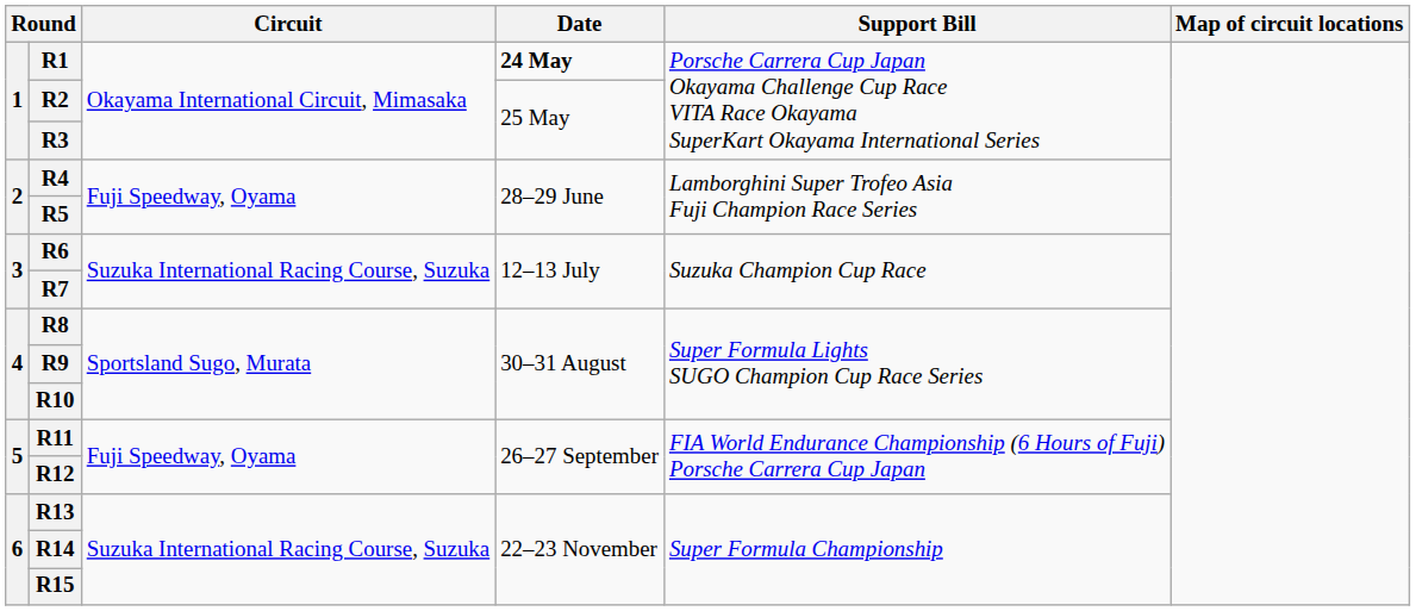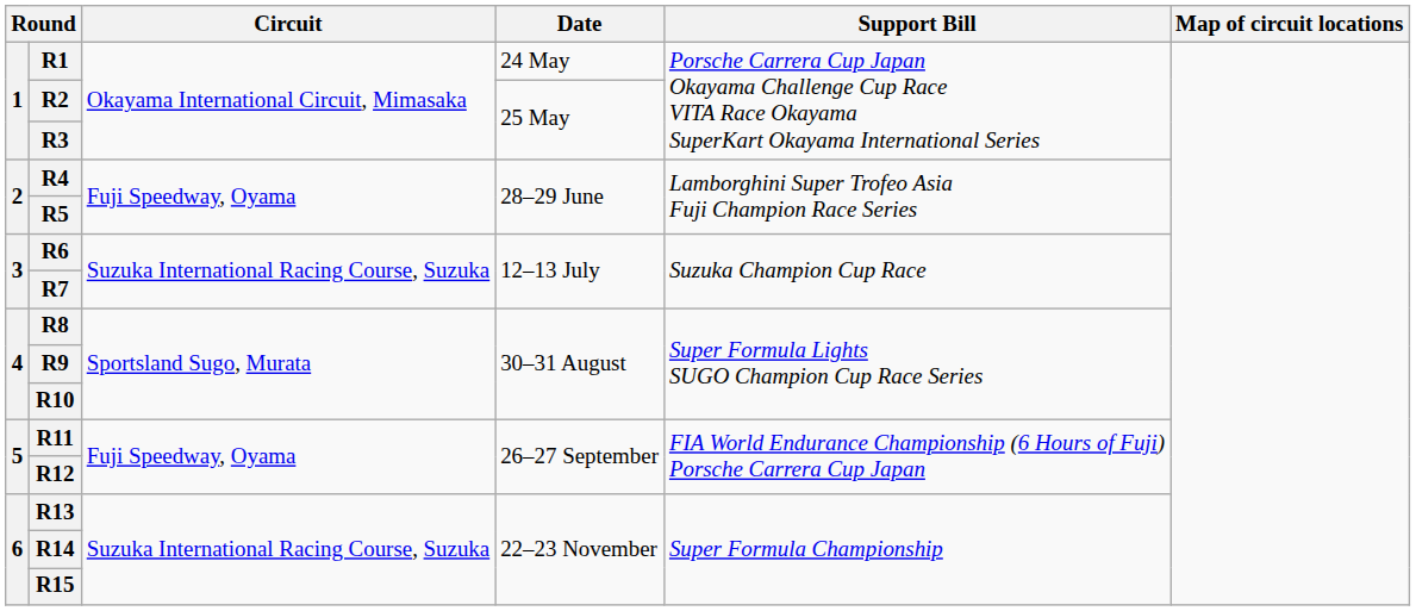 <table class="wikitable" style="font-size:85%">
 <tr>
 <th colspan=2>Round</th>
 <th>Circuit</th>
 <th>Date</th>
 <th>Support Bill</th>
 <th>Map of circuit locations</th>
 </tr>
 <tr>
 <th rowspan=3>1</th>
 <th>R1</th>
 <td rowspan=3><a href='#'>Okayama International Circuit</a>, <a href='#'>Mimasaka</a></td>
-<td><strong>24 May</strong></td>
+<td>24 May</td>
 <td rowspan=3><em><a href='#'>Porsche Carrera Cup Japan</a><br>Okayama Challenge Cup Race<br>VITA Race Okayama<br>SuperKart Okayama International Series</em></td>
 <td rowspan="15"></td>
 </tr>
 <tr>
 <th>R2</th>
 <td rowspan="2">25 May</td>
 </tr>
 <tr>
 <th>R3</th>
 </tr>
 <tr>
 <th rowspan=2>2</th>
 <th>R4</th>
 <td rowspan=2><a href='#'>Fuji Speedway</a>, <a href='#'>Oyama</a></td>
 <td rowspan=2>28–29 June</td>
 <td rowspan=2><em>Lamborghini Super Trofeo Asia<br>Fuji Champion Race Series</em></td>
 </tr>
 <tr>
 <th>R5</th>
 </tr>
 <tr>
 <th rowspan=2>3</th>
 <th>R6</th>
 <td rowspan=2><a href='#'>Suzuka International Racing Course</a>, <a href='#'>Suzuka</a></td>
 <td rowspan=2>12–13 July</td>
 <td rowspan=2><em>Suzuka Champion Cup Race</em></td>
 </tr>
 <tr>
 <th>R7</th>
 </tr>
 <tr>
 <th rowspan=3>4</th>
 <th>R8</th>
 <td rowspan=3><a href='#'>Sportsland Sugo</a>, <a href='#'>Murata</a></td>
 <td rowspan=3>30–31 August</td>
 <td rowspan=3><em><a href='#'>Super Formula Lights</a><br>SUGO Champion Cup Race Series</em></td>
 </tr>
 <tr>
 <th>R9</th>
 </tr>
 <tr>
 <th>R10</th>
 </tr>
 <tr>
 <th rowspan=2>5</th>
 <th>R11</th>
 <td rowspan=2><a href='#'>Fuji Speedway</a>, <a href='#'>Oyama</a></td>
 <td rowspan=2 nowrap>26–27 September</td>
 <td rowspan=2 nowrap><em><a href='#'>FIA World Endurance Championship</a> (<a href='#'>6 Hours of Fuji</a>)<br><a href='#'>Porsche Carrera Cup Japan</a></em></td>
 </tr>
 <tr>
 <th>R12</th>
 </tr>
 <tr>
 <th rowspan=3>6</th>
 <th>R13</th>
 <td rowspan=3 nowrap><a href='#'>Suzuka International Racing Course</a>, <a href='#'>Suzuka</a></td>
 <td rowspan=3>22–23 November</td>
 <td rowspan=3><em><a href='#'>Super Formula Championship</a></em></td>
 </tr>
 <tr>
 <th>R14</th>
 </tr>
 <tr>
 <th>R15</th>
 </tr>
 </table>
